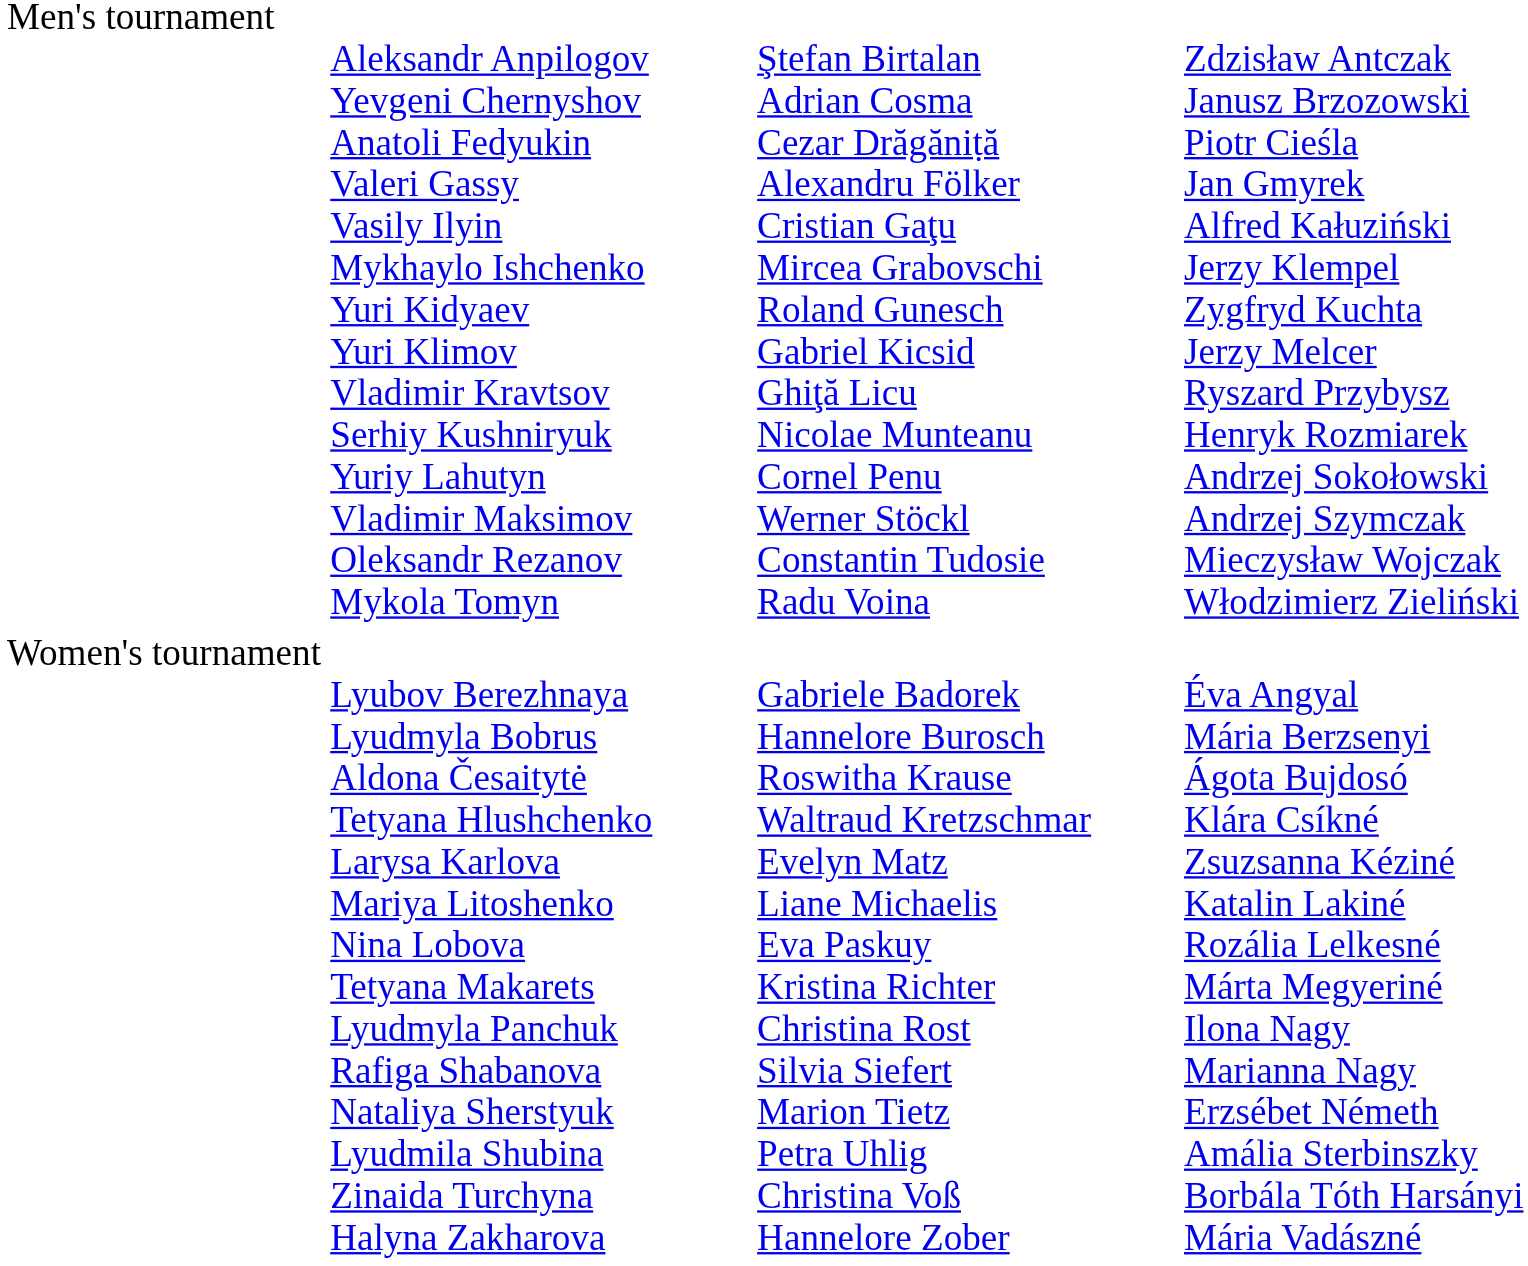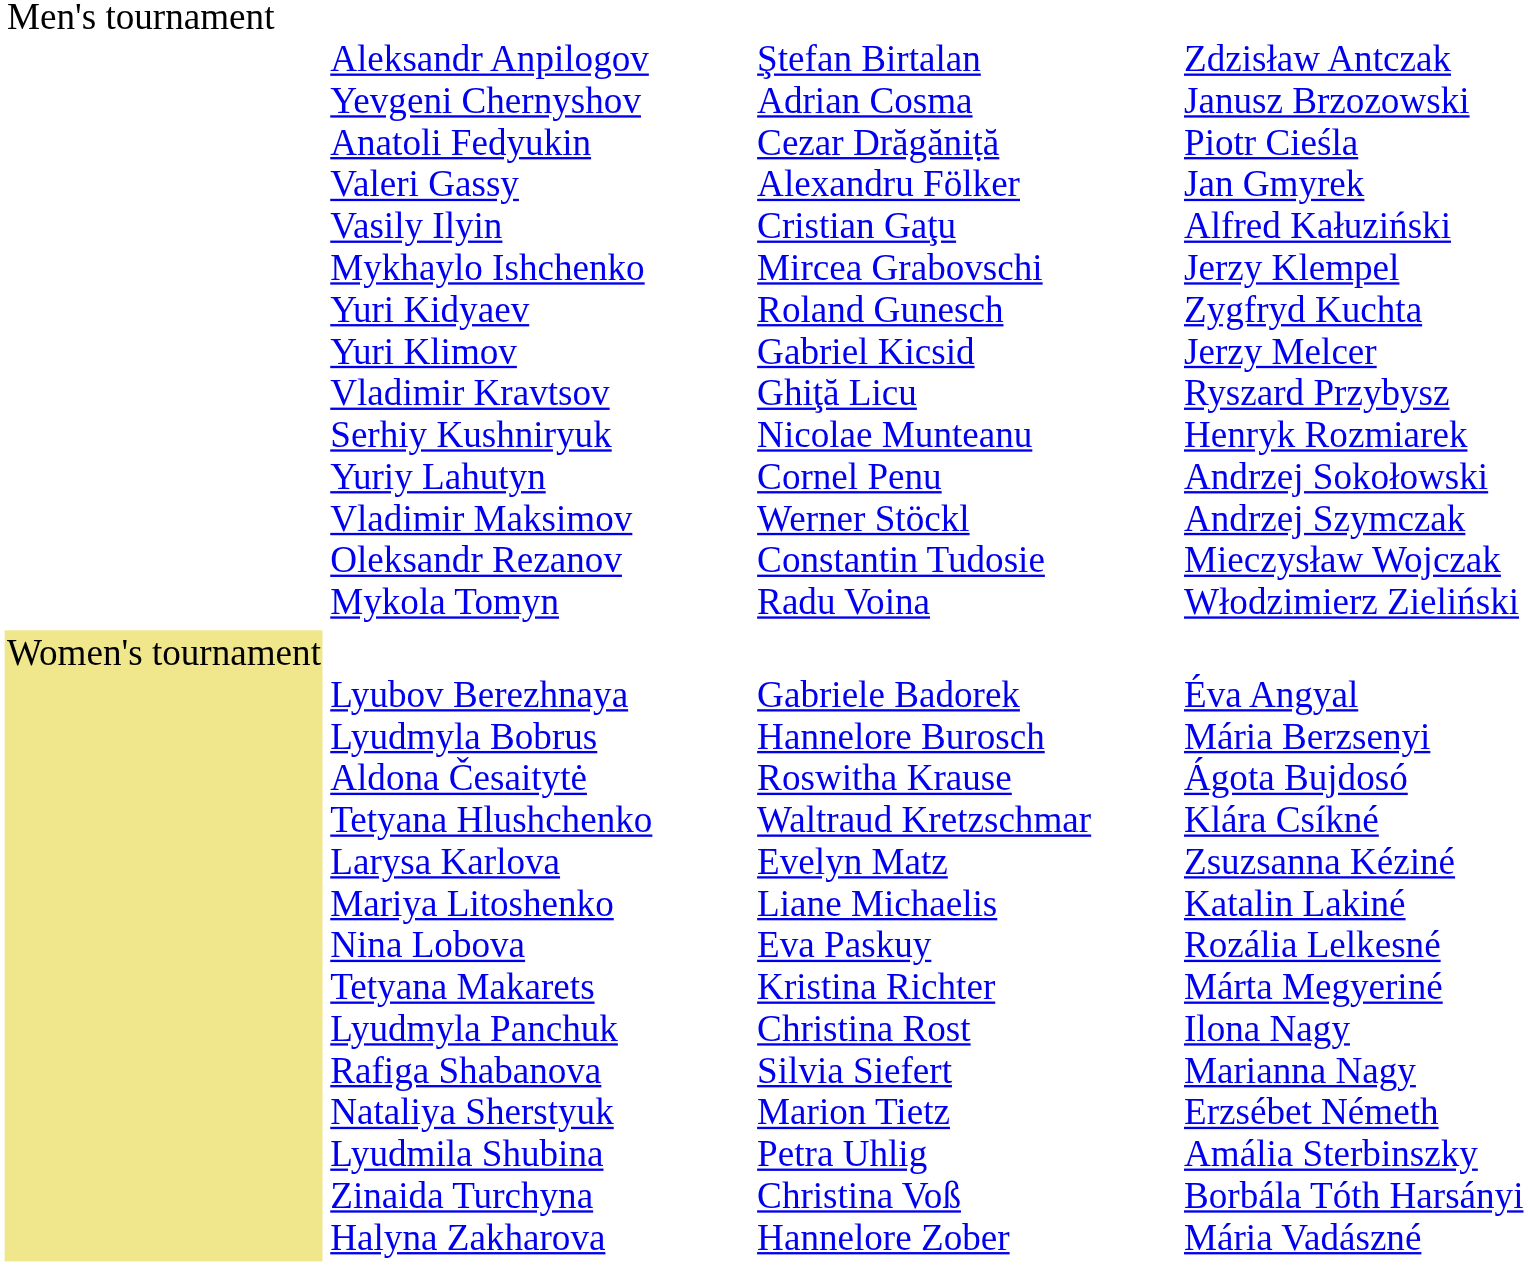 <table>
 <tr valign=top>
 <td>Men's tournament</td>
 <td width=180><br> <a href='#'>Aleksandr Anpilogov</a><br><a href='#'>Yevgeni Chernyshov</a><br><a href='#'>Anatoli Fedyukin</a><br><a href='#'>Valeri Gassy</a><br><a href='#'>Vasily Ilyin</a><br><a href='#'>Mykhaylo Ishchenko</a><br><a href='#'>Yuri Kidyaev</a><br><a href='#'>Yuri Klimov</a><br><a href='#'>Vladimir Kravtsov</a><br><a href='#'>Serhiy Kushniryuk</a><br><a href='#'>Yuriy Lahutyn</a><br><a href='#'>Vladimir Maksimov</a><br><a href='#'>Oleksandr Rezanov</a><br><a href='#'>Mykola Tomyn</a></td>
 <td width=180><br> <a href='#'>Ştefan Birtalan</a><br><a href='#'>Adrian Cosma</a><br><a href='#'>Cezar Drăgăniṭă</a><br><a href='#'>Alexandru Fölker</a><br><a href='#'>Cristian Gaţu</a><br><a href='#'>Mircea Grabovschi</a><br><a href='#'>Roland Gunesch</a><br><a href='#'>Gabriel Kicsid</a><br><a href='#'>Ghiţă Licu</a><br><a href='#'>Nicolae Munteanu</a><br><a href='#'>Cornel Penu</a><br><a href='#'>Werner Stöckl</a><br><a href='#'>Constantin Tudosie</a><br><a href='#'>Radu Voina</a></td>
 <td width=180><br> <a href='#'>Zdzisław Antczak</a><br><a href='#'>Janusz Brzozowski</a><br><a href='#'>Piotr Cieśla</a><br><a href='#'>Jan Gmyrek</a><br><a href='#'>Alfred Kałuziński</a><br><a href='#'>Jerzy Klempel</a><br><a href='#'>Zygfryd Kuchta</a><br><a href='#'>Jerzy Melcer</a><br><a href='#'>Ryszard Przybysz</a><br><a href='#'>Henryk Rozmiarek</a><br><a href='#'>Andrzej Sokołowski</a><br><a href='#'>Andrzej Szymczak</a><br><a href='#'>Mieczysław Wojczak</a><br><a href='#'>Włodzimierz Zieliński</a></td>
 </tr>
 <tr valign=top>
-<td>Women's tournament</td>
+<td style="background: khaki;">Women's tournament</td>
 <td width=180><br> <a href='#'>Lyubov Berezhnaya</a><br><a href='#'>Lyudmyla Bobrus</a><br><a href='#'>Aldona Česaitytė</a><br><a href='#'>Tetyana Hlushchenko</a><br><a href='#'>Larysa Karlova</a><br><a href='#'>Mariya Litoshenko</a><br><a href='#'>Nina Lobova</a><br><a href='#'>Tetyana Makarets</a><br><a href='#'>Lyudmyla Panchuk</a><br><a href='#'>Rafiga Shabanova</a><br><a href='#'>Nataliya Sherstyuk</a><br><a href='#'>Lyudmila Shubina</a><br><a href='#'>Zinaida Turchyna</a><br><a href='#'>Halyna Zakharova</a></td>
 <td width=180><br> <a href='#'>Gabriele Badorek</a><br><a href='#'>Hannelore Burosch</a><br><a href='#'>Roswitha Krause</a><br><a href='#'>Waltraud Kretzschmar</a><br><a href='#'>Evelyn Matz</a><br><a href='#'>Liane Michaelis</a><br><a href='#'>Eva Paskuy</a><br><a href='#'>Kristina Richter</a><br><a href='#'>Christina Rost</a><br><a href='#'>Silvia Siefert</a><br><a href='#'>Marion Tietz</a><br><a href='#'>Petra Uhlig</a><br><a href='#'>Christina Voß</a><br><a href='#'>Hannelore Zober</a></td>
 <td width=180><br> <a href='#'>Éva Angyal</a><br><a href='#'>Mária Berzsenyi</a><br><a href='#'>Ágota Bujdosó</a><br><a href='#'>Klára Csíkné</a><br><a href='#'>Zsuzsanna Kéziné</a><br><a href='#'>Katalin Lakiné</a><br><a href='#'>Rozália Lelkesné</a><br><a href='#'>Márta Megyeriné</a><br><a href='#'>Ilona Nagy</a><br><a href='#'>Marianna Nagy</a><br><a href='#'>Erzsébet Németh</a><br><a href='#'>Amália Sterbinszky</a><br><a href='#'>Borbála Tóth Harsányi</a><br><a href='#'>Mária Vadászné</a></td>
 </tr>
 </table>
